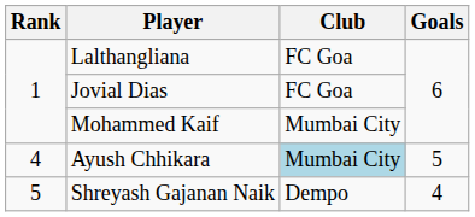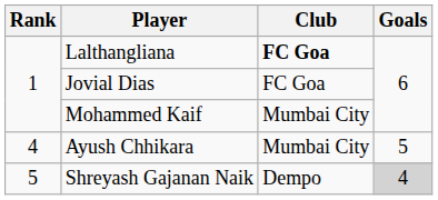 <table class="wikitable" style="text-align:center">
 <tr>
 <th>Rank</th>
 <th>Player</th>
 <th>Club</th>
 <th>Goals</th>
 </tr>
 <tr>
 <td rowspan="3">1</td>
 <td align="left">Lalthangliana</td>
-<td align="left">FC Goa</td>
+<td align="left"><strong>FC Goa</strong></td>
 <td rowspan="3">6</td>
 </tr>
 <tr>
 <td align="left">Jovial Dias</td>
 <td align="left">FC Goa</td>
 </tr>
 <tr>
 <td align="left">Mohammed Kaif</td>
 <td align="left">Mumbai City</td>
 </tr>
 <tr>
 <td>4</td>
 <td align="left">Ayush Chhikara</td>
-<td align="left" style="background: lightblue;">Mumbai City</td>
+<td align="left">Mumbai City</td>
 <td>5</td>
 </tr>
 <tr>
 <td>5</td>
 <td align="left">Shreyash Gajanan Naik</td>
 <td align="left">Dempo</td>
-<td>4</td>
+<td style="background: lightgrey;">4</td>
 </tr>
 </table>
